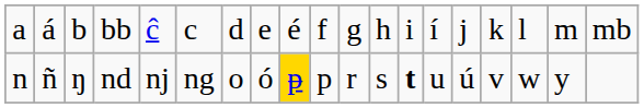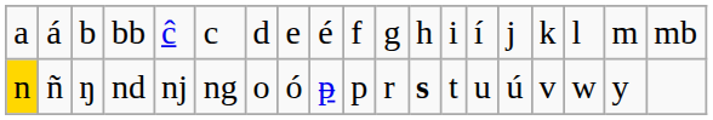 <table class="wikitable">
 <tr>
 <td>a</td>
 <td>á</td>
 <td>b</td>
 <td>bb</td>
 <td><a href='#'>ĉ</a></td>
 <td>c</td>
 <td>d</td>
 <td>e</td>
 <td>é</td>
 <td>f</td>
 <td>g</td>
 <td>h</td>
 <td>i</td>
 <td>í</td>
 <td>j</td>
 <td>k</td>
 <td>l</td>
 <td>m</td>
 <td>mb</td>
 </tr>
 <tr>
-<td>n</td>
+<td style="background: gold;">n</td>
 <td>ñ</td>
 <td>ŋ</td>
 <td>nd</td>
 <td>nj</td>
 <td>ng</td>
 <td>o</td>
 <td>ó</td>
-<td style="background: gold;"><a href='#'>ᵽ</a></td>
+<td><a href='#'>ᵽ</a></td>
 <td>p</td>
 <td>r</td>
-<td>s</td>
-<td><strong>t</strong></td>
+<td><strong>s</strong></td>
+<td>t</td>
 <td>u</td>
 <td>ú</td>
 <td>v</td>
 <td>w</td>
 <td>y</td>
 </tr>
 </table>
